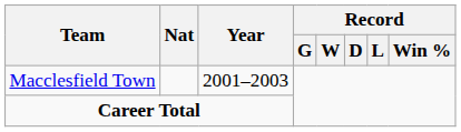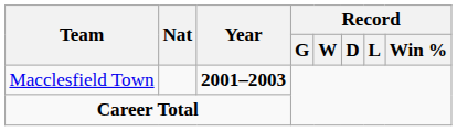 <table class="wikitable" style="text-align: center">
 <tr>
 <th rowspan="2">Team</th>
 <th rowspan="2">Nat</th>
 <th rowspan="2">Year</th>
 <th colspan="5">Record</th>
 </tr>
 <tr>
 <th>G</th>
 <th>W</th>
 <th>D</th>
 <th>L</th>
 <th>Win %</th>
 </tr>
 <tr>
 <td align="left"><a href='#'>Macclesfield Town</a></td>
 <td></td>
-<td>2001–2003<br></td>
+<td><strong>2001–2003<br></strong></td>
 </tr>
 <tr>
 <td colspan=3><strong>Career Total</strong><br></td>
 </tr>
 </table>
